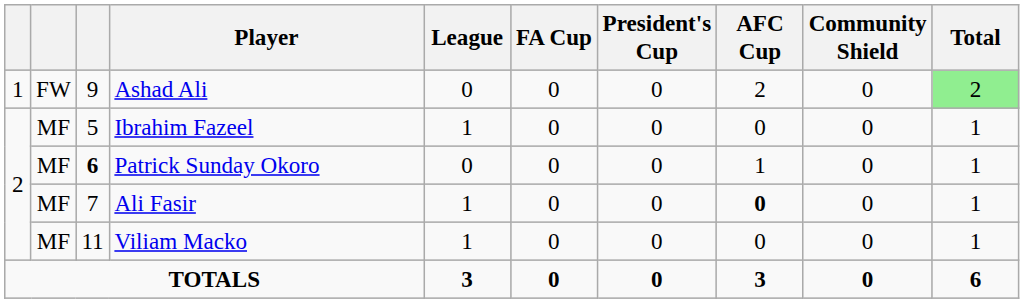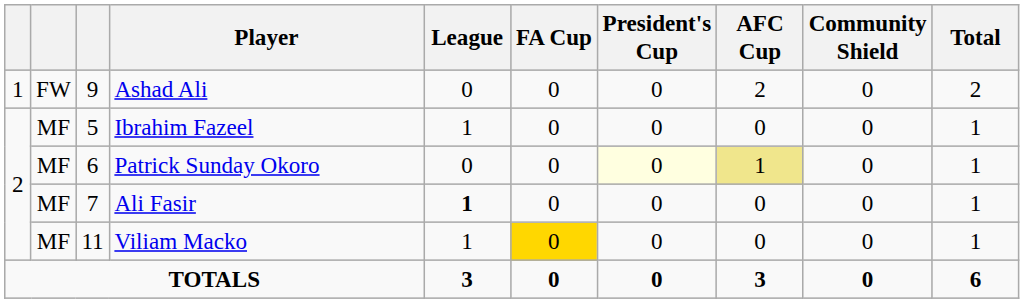 <table class="wikitable sortable" style="font-size: 95%; text-align: center">
 <tr>
 <th width=10></th>
 <th width=10></th>
 <th width=10></th>
 <th width=200>Player</th>
 <th width=50>League</th>
 <th width=50>FA Cup</th>
 <th width=50>President's Cup</th>
 <th width=50>AFC Cup</th>
 <th width=50>Community Shield</th>
 <th width=50>Total</th>
 </tr>
 <tr>
 <td rowspan="1">1</td>
 <td>FW</td>
 <td>9</td>
 <td align=left> <a href='#'>Ashad Ali</a></td>
 <td>0</td>
 <td>0</td>
 <td>0</td>
 <td>2</td>
 <td>0</td>
-<td style="background: lightgreen;">2</td>
+<td>2</td>
 </tr>
 <tr>
 <td rowspan="4">2</td>
 <td>MF</td>
 <td>5</td>
 <td align=left> <a href='#'>Ibrahim Fazeel</a></td>
 <td>1</td>
 <td>0</td>
 <td>0</td>
 <td>0</td>
 <td>0</td>
 <td>1</td>
 </tr>
 <tr>
 <td>MF</td>
-<td><strong>6</strong></td>
+<td>6</td>
 <td align=left> <a href='#'>Patrick Sunday Okoro</a></td>
 <td>0</td>
 <td>0</td>
-<td>0</td>
-<td>1</td>
+<td style="background: lightyellow;">0</td>
+<td style="background: khaki;">1</td>
 <td>0</td>
 <td>1</td>
 </tr>
 <tr>
 <td>MF</td>
 <td>7</td>
 <td align=left> <a href='#'>Ali Fasir</a></td>
-<td>1</td>
+<td><strong>1</strong></td>
 <td>0</td>
 <td>0</td>
-<td><strong>0</strong></td>
+<td>0</td>
 <td>0</td>
 <td>1</td>
 </tr>
 <tr>
 <td>MF</td>
 <td>11</td>
 <td align=left> <a href='#'>Viliam Macko</a></td>
 <td>1</td>
-<td>0</td>
+<td style="background: gold;">0</td>
 <td>0</td>
 <td>0</td>
 <td>0</td>
 <td>1</td>
 </tr>
 <tr>
 <td colspan="4"><strong>TOTALS</strong></td>
 <td><strong>3</strong></td>
 <td><strong>0</strong></td>
 <td><strong>0</strong></td>
 <td><strong>3</strong></td>
 <td><strong>0</strong></td>
 <td><strong>6</strong></td>
 </tr>
 </table>
